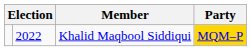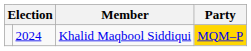 <table class="wikitable">
 <tr>
 <th colspan="2">Election</th>
 <th>Member</th>
 <th>Party</th>
 </tr>
 <tr>
 <td style="background-color: "></td>
-<td><a href='#'>2022</a></td>
+<td><a href='#'>2024</a></td>
 <td><a href='#'>Khalid Maqbool Siddiqui</a></td>
 <td style="background: gold;"><a href='#'>MQM–P</a></td>
 </tr>
 </table>
